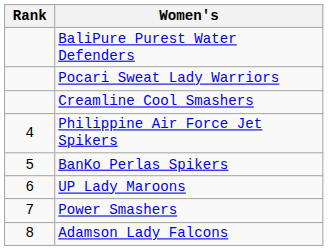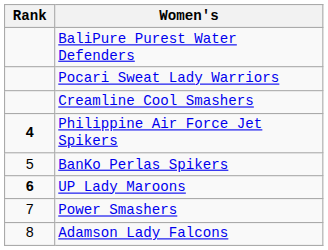 <table class="wikitable" style="text-align: center;">
 <tr>
 <th width=40>Rank</th>
 <th width=240>Women's</th>
 </tr>
 <tr>
 <td></td>
 <td align="left"><a href='#'>BaliPure Purest Water Defenders</a></td>
 </tr>
 <tr>
 <td></td>
 <td align="left"><a href='#'>Pocari Sweat Lady Warriors</a></td>
 </tr>
 <tr>
 <td></td>
 <td align="left"><a href='#'>Creamline Cool Smashers</a></td>
 </tr>
 <tr>
-<td>4</td>
+<td><strong>4</strong></td>
 <td align="left"><a href='#'>Philippine Air Force Jet Spikers</a></td>
 </tr>
 <tr>
 <td>5</td>
 <td align="left"><a href='#'>BanKo Perlas Spikers</a></td>
 </tr>
 <tr>
-<td>6</td>
+<td><strong>6</strong></td>
 <td align="left"><a href='#'>UP Lady Maroons</a></td>
 </tr>
 <tr>
 <td>7</td>
 <td align="left"><a href='#'>Power Smashers</a></td>
 </tr>
 <tr>
 <td>8</td>
 <td align="left"><a href='#'>Adamson Lady Falcons</a></td>
 </tr>
 </table>
